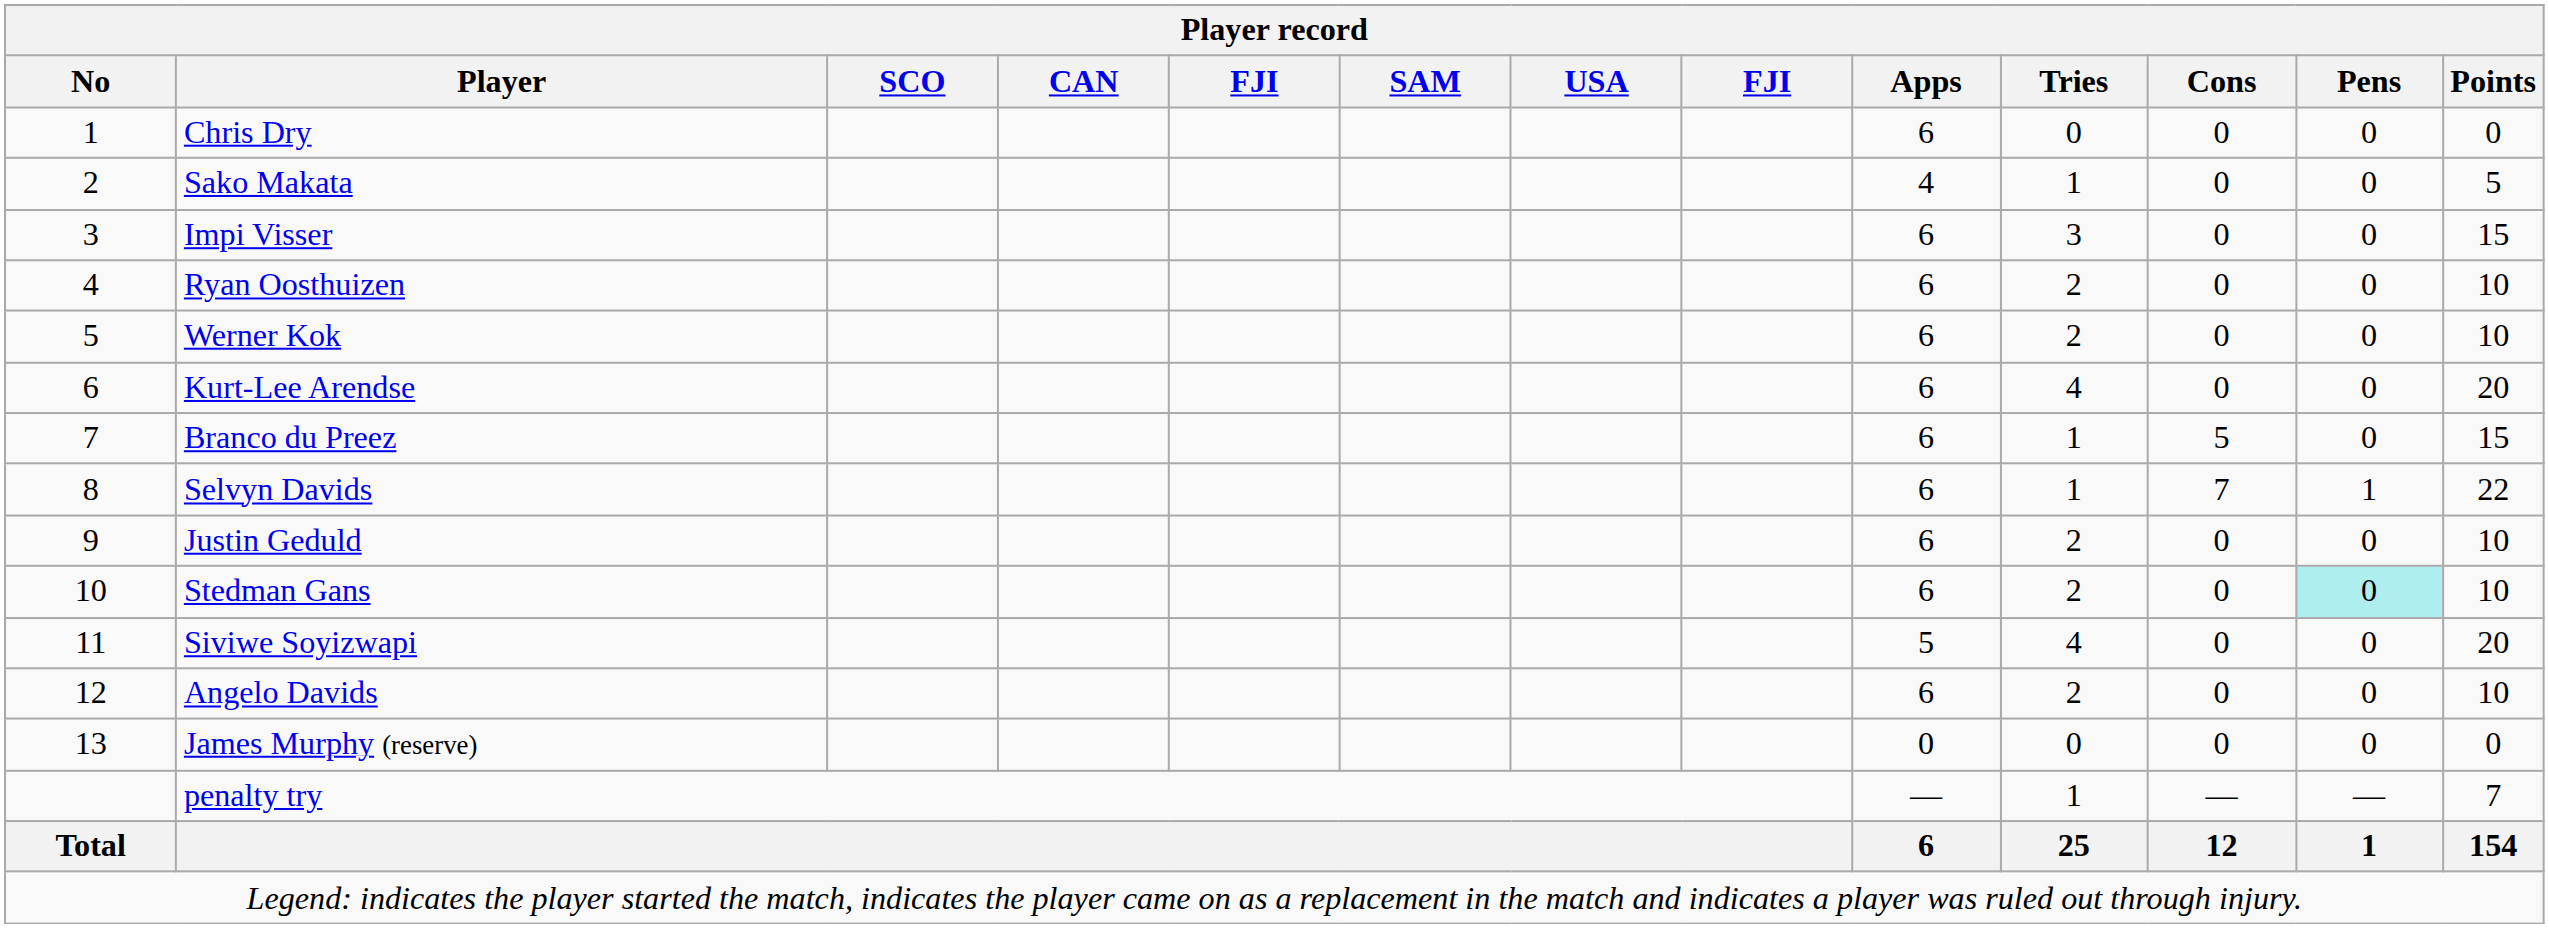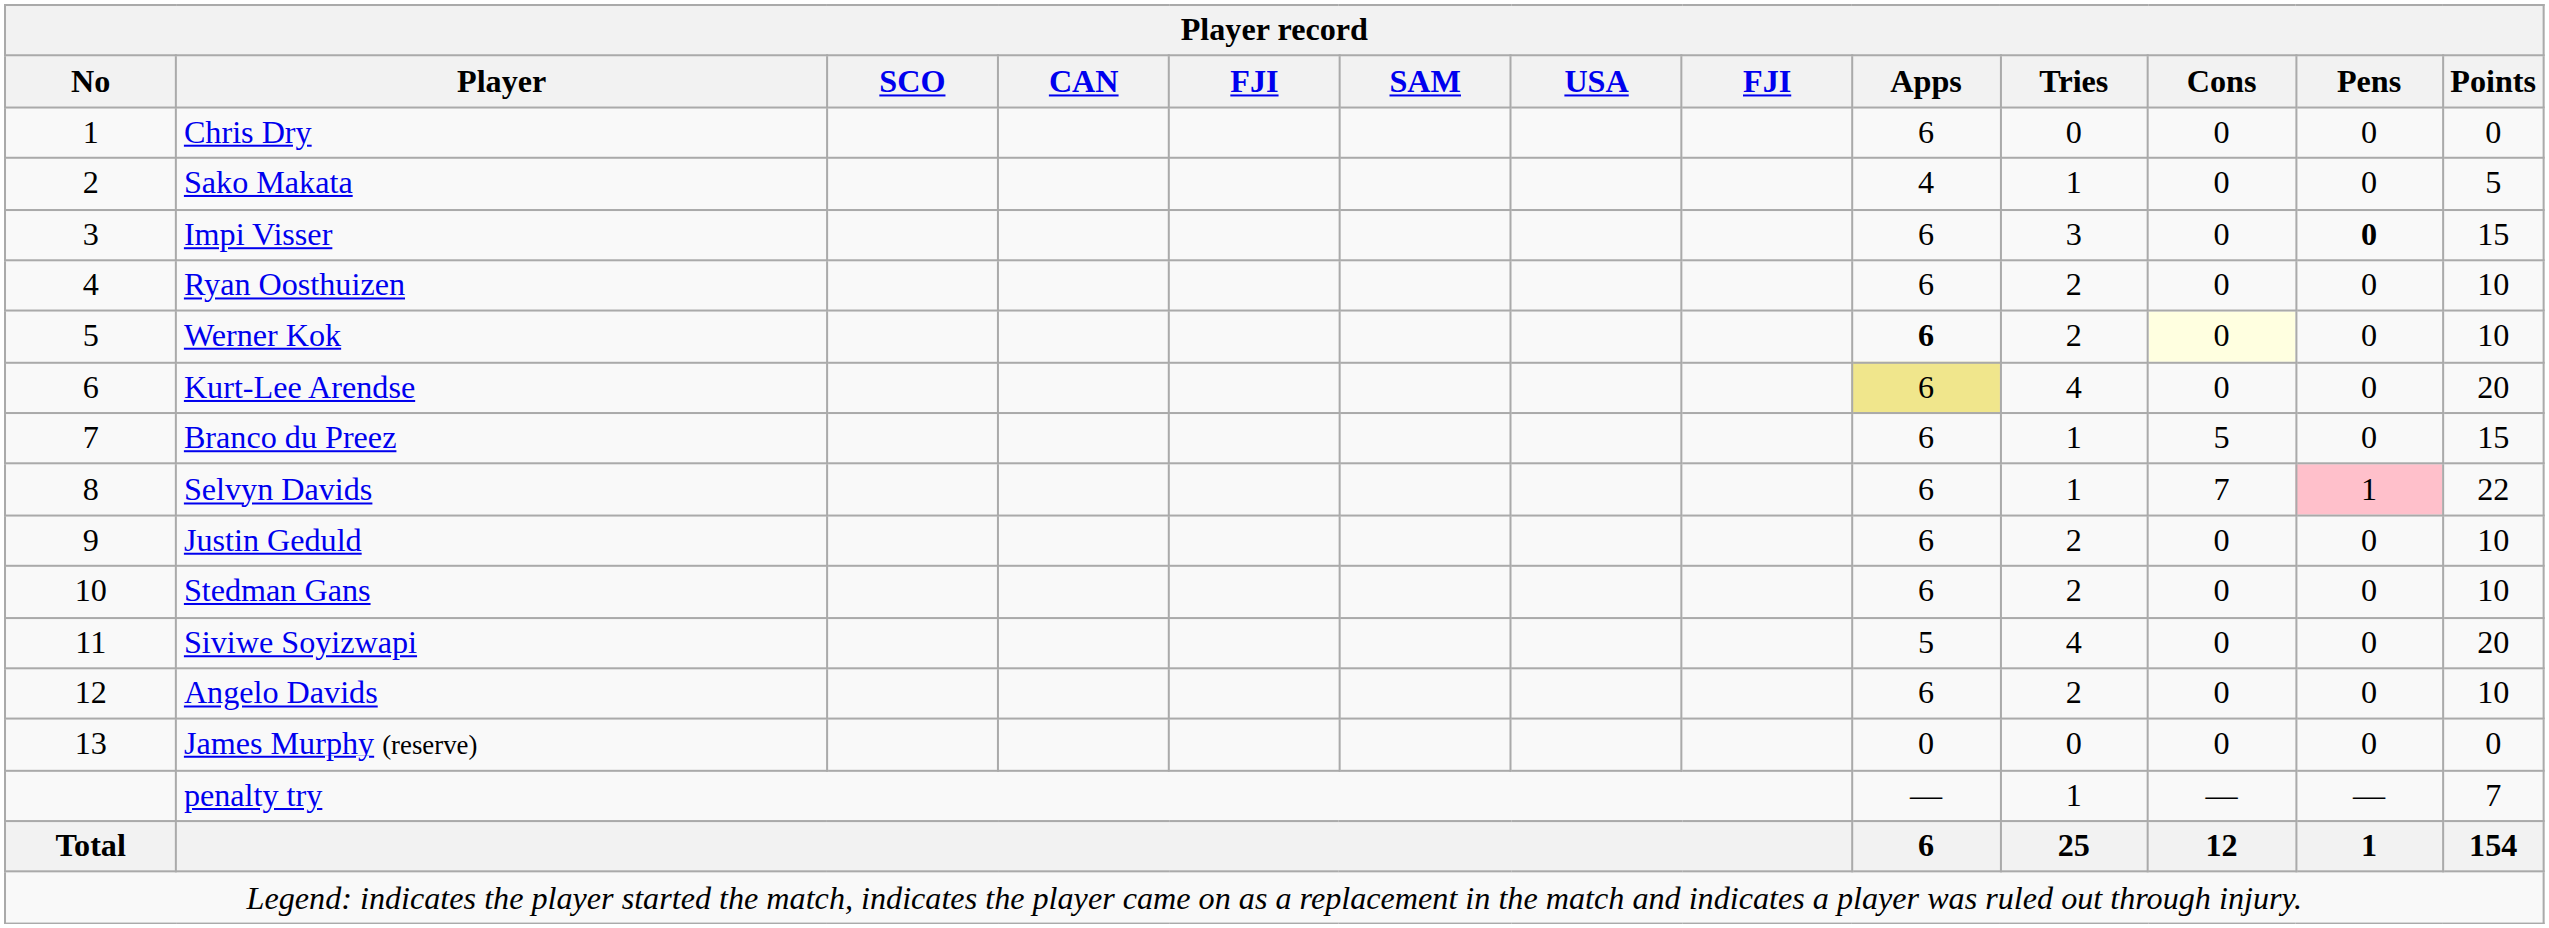 <table class="wikitable" style="text-align:center; width:100%">
 <tr>
 <th colspan="100%">Player record</th>
 </tr>
 <tr>
 <th style="width:7%;">No</th>
 <th style="width:27%;">Player</th>
 <th style="width:7%;"><a href='#'>SCO</a></th>
 <th style="width:7%;"><a href='#'>CAN</a></th>
 <th style="width:7%;"><a href='#'>FJI</a></th>
 <th style="width:7%;"><a href='#'>SAM</a></th>
 <th style="width:7%;"><a href='#'>USA</a></th>
 <th style="width:7%;"><a href='#'>FJI</a></th>
 <th style="width:6%;">Apps</th>
 <th style="width:6%;">Tries</th>
 <th style="width:6%;">Cons</th>
 <th style="width:6%;">Pens</th>
 <th style="width:6%;">Points</th>
 </tr>
 <tr>
 <td>1</td>
 <td style="text-align:left;"><a href='#'>Chris Dry</a></td>
 <td></td>
 <td></td>
 <td></td>
 <td></td>
 <td></td>
 <td></td>
 <td>6</td>
 <td>0</td>
 <td>0</td>
 <td>0</td>
 <td>0</td>
 </tr>
 <tr>
 <td>2</td>
 <td style="text-align:left;"><a href='#'>Sako Makata</a></td>
 <td></td>
 <td></td>
 <td></td>
 <td></td>
 <td></td>
 <td></td>
 <td>4</td>
 <td>1</td>
 <td>0</td>
 <td>0</td>
 <td>5</td>
 </tr>
 <tr>
 <td>3</td>
 <td style="text-align:left;"><a href='#'>Impi Visser</a></td>
 <td></td>
 <td></td>
 <td></td>
 <td></td>
 <td></td>
 <td></td>
 <td>6</td>
 <td>3</td>
 <td>0</td>
-<td>0</td>
+<td><strong>0</strong></td>
 <td>15</td>
 </tr>
 <tr>
 <td>4</td>
 <td style="text-align:left;"><a href='#'>Ryan Oosthuizen</a></td>
 <td></td>
 <td></td>
 <td></td>
 <td></td>
 <td></td>
 <td></td>
 <td>6</td>
 <td>2</td>
 <td>0</td>
 <td>0</td>
 <td>10</td>
 </tr>
 <tr>
 <td>5</td>
 <td style="text-align:left;"><a href='#'>Werner Kok</a></td>
 <td></td>
 <td></td>
 <td></td>
 <td></td>
 <td></td>
 <td></td>
-<td>6</td>
+<td><strong>6</strong></td>
 <td>2</td>
-<td>0</td>
+<td style="background: lightyellow;">0</td>
 <td>0</td>
 <td>10</td>
 </tr>
 <tr>
 <td>6</td>
 <td style="text-align:left;"><a href='#'>Kurt-Lee Arendse</a></td>
 <td></td>
 <td></td>
 <td></td>
 <td></td>
 <td></td>
 <td></td>
-<td>6</td>
+<td style="background: khaki;">6</td>
 <td>4</td>
 <td>0</td>
 <td>0</td>
 <td>20</td>
 </tr>
 <tr>
 <td>7</td>
 <td style="text-align:left;"><a href='#'>Branco du Preez</a></td>
 <td></td>
 <td></td>
 <td></td>
 <td></td>
 <td></td>
 <td></td>
 <td>6</td>
 <td>1</td>
 <td>5</td>
 <td>0</td>
 <td>15</td>
 </tr>
 <tr>
 <td>8</td>
 <td style="text-align:left;"><a href='#'>Selvyn Davids</a></td>
 <td></td>
 <td></td>
 <td></td>
 <td></td>
 <td></td>
 <td></td>
 <td>6</td>
 <td>1</td>
 <td>7</td>
-<td>1</td>
+<td style="background: pink;">1</td>
 <td>22</td>
 </tr>
 <tr>
 <td>9</td>
 <td style="text-align:left;"><a href='#'>Justin Geduld</a></td>
 <td></td>
 <td></td>
 <td></td>
 <td></td>
 <td></td>
 <td></td>
 <td>6</td>
 <td>2</td>
 <td>0</td>
 <td>0</td>
 <td>10</td>
 </tr>
 <tr>
 <td>10</td>
 <td style="text-align:left;"><a href='#'>Stedman Gans</a></td>
 <td></td>
 <td></td>
 <td></td>
 <td></td>
 <td></td>
 <td></td>
 <td>6</td>
 <td>2</td>
 <td>0</td>
-<td style="background: paleturquoise;">0</td>
+<td>0</td>
 <td>10</td>
 </tr>
 <tr>
 <td>11</td>
 <td style="text-align:left;"><a href='#'>Siviwe Soyizwapi</a></td>
 <td></td>
 <td></td>
 <td></td>
 <td></td>
 <td></td>
 <td></td>
 <td>5</td>
 <td>4</td>
 <td>0</td>
 <td>0</td>
 <td>20</td>
 </tr>
 <tr>
 <td>12</td>
 <td style="text-align:left;"><a href='#'>Angelo Davids</a></td>
 <td></td>
 <td></td>
 <td></td>
 <td></td>
 <td></td>
 <td></td>
 <td>6</td>
 <td>2</td>
 <td>0</td>
 <td>0</td>
 <td>10</td>
 </tr>
 <tr>
 <td>13</td>
 <td style="text-align:left;"><a href='#'>James Murphy</a> <small>(reserve)</small></td>
 <td></td>
 <td></td>
 <td></td>
 <td></td>
 <td></td>
 <td></td>
 <td>0</td>
 <td>0</td>
 <td>0</td>
 <td>0</td>
 <td>0</td>
 </tr>
 <tr>
 <td></td>
 <td colspan="7" style="text-align:left;"><a href='#'>penalty try</a></td>
 <td>—</td>
 <td>1</td>
 <td>—</td>
 <td>—</td>
 <td>7</td>
 </tr>
 <tr>
 <th>Total</th>
 <th colspan="7"></th>
 <th>6</th>
 <th>25</th>
 <th>12</th>
 <th>1</th>
 <th>154</th>
 </tr>
 <tr>
 <td colspan="100%"><em>Legend: <span></span> indicates the player started the match, <span></span> indicates the player came on as a replacement in the match and  indicates a player was ruled out through injury.</em></td>
 </tr>
 </table>
